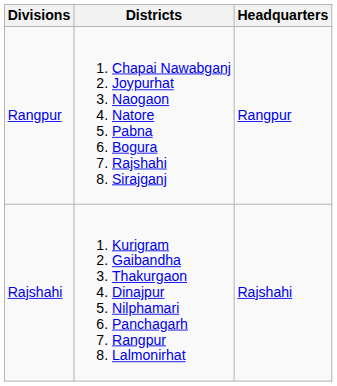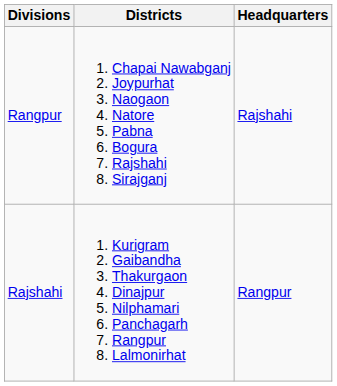 <table class="wikitable sortable">
 <tr>
 <th>Divisions</th>
 <th>Districts</th>
 <th>Headquarters</th>
 </tr>
 <tr>
 <td><a href='#'>Rangpur</a></td>
 <td><br><ol><li><a href='#'>Chapai Nawabganj</a></li><li><a href='#'>Joypurhat</a></li><li><a href='#'>Naogaon</a></li><li><a href='#'>Natore</a></li><li><a href='#'>Pabna</a></li><li><a href='#'>Bogura</a></li><li><a href='#'>Rajshahi</a></li><li><a href='#'>Sirajganj</a></li></ol></td>
-<td><a href='#'>Rangpur</a></td>
+<td><a href='#'>Rajshahi</a></td>
 </tr>
 <tr>
 <td><a href='#'>Rajshahi</a></td>
 <td><br><ol><li><a href='#'>Kurigram</a></li><li><a href='#'>Gaibandha</a></li><li><a href='#'>Thakurgaon</a></li><li><a href='#'>Dinajpur</a></li><li><a href='#'>Nilphamari</a></li><li><a href='#'>Panchagarh</a></li><li><a href='#'>Rangpur</a></li><li><a href='#'>Lalmonirhat</a></li></ol></td>
-<td><a href='#'>Rajshahi</a></td>
+<td><a href='#'>Rangpur</a></td>
 </tr>
 </table>
